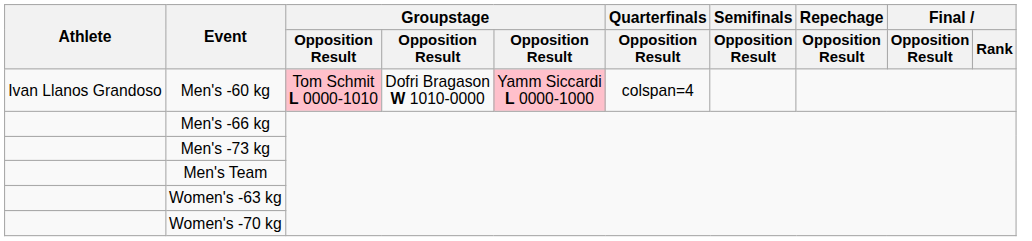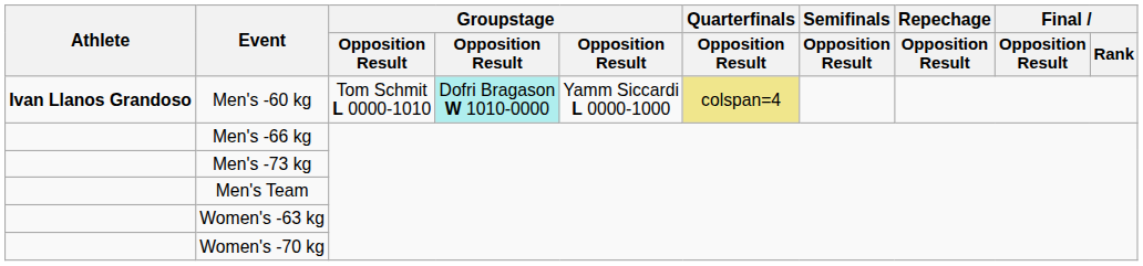 <table class="wikitable" style="font-size:90%">
 <tr>
 <th rowspan="2">Athlete</th>
 <th rowspan="2">Event</th>
 <th colspan=3>Groupstage</th>
 <th>Quarterfinals</th>
 <th>Semifinals</th>
 <th>Repechage</th>
 <th colspan=2>Final / </th>
 </tr>
 <tr style="font-size:95%">
 <th>Opposition<br>Result</th>
 <th>Opposition<br>Result</th>
 <th>Opposition<br>Result</th>
 <th>Opposition<br>Result</th>
 <th>Opposition<br>Result</th>
 <th>Opposition<br>Result</th>
 <th>Opposition<br>Result</th>
 <th>Rank</th>
 </tr>
 <tr align=center>
-<td>Ivan Llanos Grandoso</td>
+<td><strong>Ivan Llanos Grandoso</strong></td>
 <td>Men's -60 kg</td>
-<td style="background: pink;"> Tom Schmit <br> <strong>L</strong> 0000-1010</td>
-<td> Dofri Bragason <br> <strong>W</strong> 1010-0000</td>
-<td style="background: pink;"> Yamm Siccardi <br> <strong>L</strong> 0000-1000</td>
-<td>colspan=4 </td>
+<td> Tom Schmit <br> <strong>L</strong> 0000-1010</td>
+<td style="background: paleturquoise;"> Dofri Bragason <br> <strong>W</strong> 1010-0000</td>
+<td> Yamm Siccardi <br> <strong>L</strong> 0000-1000</td>
+<td style="background: khaki;">colspan=4 </td>
 <td></td>
 </tr>
 <tr align=center>
 <td></td>
 <td>Men's -66 kg</td>
 <td colspan=8 rowspan=5></td>
 </tr>
 <tr align=center>
 <td></td>
 <td>Men's -73 kg</td>
 </tr>
 <tr align=center>
 <td></td>
 <td>Men's Team</td>
 </tr>
 <tr align=center>
 <td></td>
 <td>Women's -63 kg</td>
 </tr>
 <tr align=center>
 <td></td>
 <td>Women's -70 kg</td>
 </tr>
 </table>
